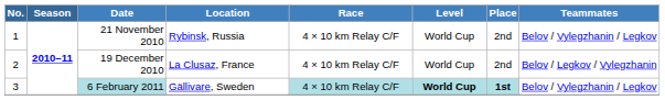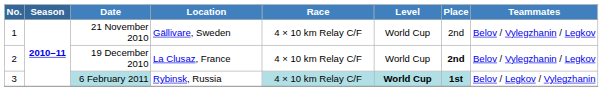 <table class="wikitable sortable" style="font-size:95%; text-align:center; border:grey solid 1px; border-collapse:collapse; background:#ffffff;">
 <tr style="background:#efefef;">
 <th style="background-color:#369; color:white;">No.</th>
 <th style="background-color:#369; color:white;">Season</th>
 <th style="background-color:#4180be; color:white; width:120px;">Date</th>
 <th style="background-color:#4180be; color:white; width:170px;">Location</th>
 <th style="background-color:#4180be; color:white; width:170px;">Race</th>
 <th style="background-color:#4180be; color:white; width:100px;">Level</th>
 <th style="background-color:#4180be; color:white;">Place</th>
 <th style="background-color:#4180be; color:white;">Teammates</th>
 </tr>
 <tr>
 <td align=center>1</td>
 <td rowspan=3 align=center><strong> <a href='#'>2010–11</a> </strong></td>
 <td align=right>21 November 2010</td>
-<td align=left> <a href='#'>Rybinsk</a>, Russia</td>
+<td align=left> <a href='#'>Gällivare</a>, Sweden</td>
 <td>4 × 10 km Relay C/F</td>
 <td>World Cup</td>
 <td>2nd</td>
 <td><a href='#'>Belov</a> / <a href='#'>Vylegzhanin</a> / <a href='#'>Legkov</a></td>
 </tr>
 <tr>
 <td align=center>2</td>
 <td align=right>19 December 2010</td>
 <td align=left> <a href='#'>La Clusaz</a>, France</td>
 <td>4 × 10 km Relay C/F</td>
 <td>World Cup</td>
-<td>2nd</td>
-<td><a href='#'>Belov</a> / <a href='#'>Legkov</a> / <a href='#'>Vylegzhanin</a></td>
+<td><strong>2nd</strong></td>
+<td><a href='#'>Belov</a> / <a href='#'>Vylegzhanin</a> / <a href='#'>Legkov</a></td>
 </tr>
 <tr>
 <td align=center>3</td>
 <td bgcolor="#BOEOE6" align=right>6 February 2011</td>
-<td align=left> <a href='#'>Gällivare</a>, Sweden</td>
+<td align=left> <a href='#'>Rybinsk</a>, Russia</td>
 <td bgcolor="#BOEOE6">4 × 10 km Relay C/F</td>
 <td bgcolor="#BOEOE6"><strong>World Cup</strong></td>
 <td bgcolor="#BOEOE6"><strong>1st</strong></td>
-<td><a href='#'>Belov</a> / <a href='#'>Vylegzhanin</a> / <a href='#'>Legkov</a></td>
+<td><a href='#'>Belov</a> / <a href='#'>Legkov</a> / <a href='#'>Vylegzhanin</a></td>
 </tr>
 <tr>
 </tr>
 </table>
